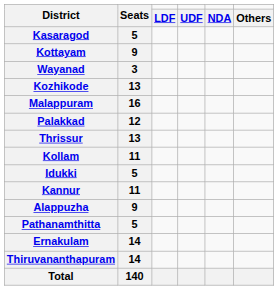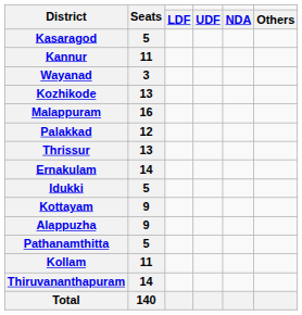 <table class="wikitable" style="text-align:center;">
 <tr>
 <th rowspan="2">District</th>
 <th rowspan="2">Seats</th>
 <td style="color:inherit;background:"></td>
 <td style="color:inherit;background:"></td>
 <td style="color:inherit;background:"></td>
 <td style="color:inherit;background:"></td>
 </tr>
 <tr>
 <th><a href='#'>LDF</a></th>
 <th><a href='#'>UDF</a></th>
 <th><a href='#'>NDA</a></th>
 <th>Others</th>
 </tr>
 <tr>
 <th><a href='#'>Kasaragod</a></th>
 <th>5</th>
 <td></td>
 <td></td>
 <td></td>
 <td></td>
 </tr>
 <tr>
-<th><a href='#'>Kottayam</a></th>
-<th>9</th>
+<th><a href='#'>Kannur</a></th>
+<th>11</th>
 <td></td>
 <td></td>
 <td></td>
 <td></td>
 </tr>
 <tr>
 <th><a href='#'>Wayanad</a></th>
 <th>3</th>
 <td></td>
 <td></td>
 <td></td>
 <td></td>
 </tr>
 <tr>
 <th><a href='#'>Kozhikode</a></th>
 <th>13</th>
 <td></td>
 <td></td>
 <td></td>
 <td></td>
 </tr>
 <tr>
 <th><a href='#'>Malappuram</a></th>
 <th>16</th>
 <td></td>
 <td></td>
 <td></td>
 <td></td>
 </tr>
 <tr>
 <th><a href='#'>Palakkad</a></th>
 <th>12</th>
 <td></td>
 <td></td>
 <td></td>
 <td></td>
 </tr>
 <tr>
 <th><a href='#'>Thrissur</a></th>
 <th>13</th>
 <td></td>
 <td></td>
 <td></td>
 <td></td>
 </tr>
 <tr>
-<th><a href='#'>Kollam</a></th>
-<th>11</th>
+<th><a href='#'>Ernakulam</a></th>
+<th>14</th>
 <td></td>
 <td></td>
 <td></td>
 <td></td>
 </tr>
 <tr>
 <th><a href='#'>Idukki</a></th>
 <th>5</th>
 <td></td>
 <td></td>
 <td></td>
 <td></td>
 </tr>
 <tr>
-<th><a href='#'>Kannur</a></th>
-<th>11</th>
+<th><a href='#'>Kottayam</a></th>
+<th>9</th>
 <td></td>
 <td></td>
 <td></td>
 <td></td>
 </tr>
 <tr>
 <th><a href='#'>Alappuzha</a></th>
 <th>9</th>
 <td></td>
 <td></td>
 <td></td>
 <td></td>
 </tr>
 <tr>
 <th><a href='#'>Pathanamthitta</a></th>
 <th>5</th>
 <td></td>
 <td></td>
 <td></td>
 <td></td>
 </tr>
 <tr>
-<th><a href='#'>Ernakulam</a></th>
-<th>14</th>
+<th><a href='#'>Kollam</a></th>
+<th>11</th>
 <td></td>
 <td></td>
 <td></td>
 <td></td>
 </tr>
 <tr>
 <th><a href='#'>Thiruvananthapuram</a></th>
 <th>14</th>
 <td></td>
 <td></td>
 <td></td>
 <td></td>
 </tr>
 <tr>
 <th>Total</th>
 <th>140</th>
 <th></th>
 <th></th>
 <th></th>
 <th></th>
 </tr>
 </table>
